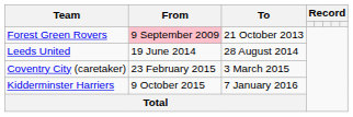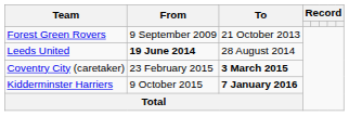 <table class=wikitable style="text-align: center">
 <tr>
 <th rowspan=2>Team</th>
 <th rowspan=2>From</th>
 <th rowspan=2>To</th>
 <th colspan=5>Record</th>
 </tr>
 <tr>
 <th></th>
 <th></th>
 <th></th>
 <th></th>
 <th></th>
 </tr>
 <tr>
 <td align=left><a href='#'>Forest Green Rovers</a></td>
-<td align=left style="background: pink;">9 September 2009</td>
+<td align=left>9 September 2009</td>
 <td align=left>21 October 2013<br></td>
 </tr>
 <tr>
 <td align=left><a href='#'>Leeds United</a></td>
-<td align=left>19 June 2014</td>
+<td align=left><strong>19 June 2014</strong></td>
 <td align=left>28 August 2014<br></td>
 </tr>
 <tr>
 <td align=left><a href='#'>Coventry City</a> (caretaker)</td>
 <td align=left>23 February 2015</td>
-<td align=left>3 March 2015<br></td>
+<td align=left><strong>3 March 2015<br></strong></td>
 </tr>
 <tr>
 <td align=left><a href='#'>Kidderminster Harriers</a></td>
 <td align=left>9 October 2015</td>
-<td align=left>7 January 2016<br></td>
+<td align=left><strong>7 January 2016<br></strong></td>
 </tr>
 <tr>
 <th colspan=3>Total<br></th>
 </tr>
 </table>
